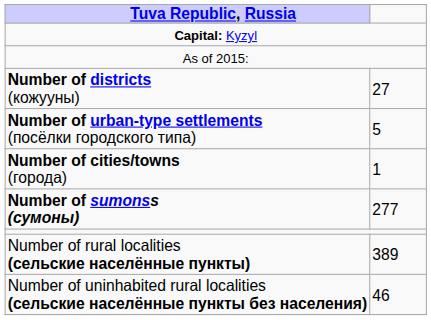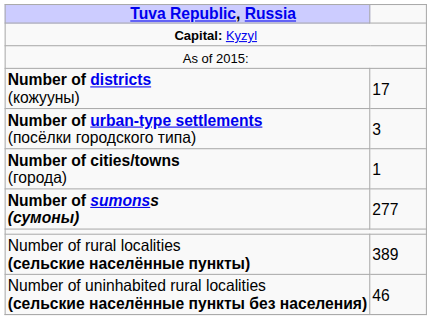 <table border=1 align="right" cellpadding=2 cellspacing=0 style="margin: 0 0 1em 1em; background: #f9f9f9; border: 1px #aaa solid; border-collapse: collapse; font-size: 95%;">
 <tr>
 <th bgcolor="#ccccff" style="padding:0 0 0 50px;"><a href='#'>Tuva Republic</a>, <a href='#'>Russia</a></th>
 <td width="50px"></td>
 </tr>
 <tr>
 <td colspan=2 align="center"><small><strong>Capital:</strong> <a href='#'>Kyzyl</a></small></td>
 </tr>
 <tr>
 <td colspan=2 align="center"><small>As of 2015:</small></td>
 </tr>
 <tr>
 <td><strong>Number of <a href='#'>districts</a></strong><br>(кожууны)</td>
-<td>27</td>
+<td>17</td>
 </tr>
 <tr>
 <td><strong>Number of <a href='#'>urban-type settlements</a></strong><br>(посёлки городского типа)</td>
-<td>5</td>
+<td>3</td>
 </tr>
 <tr>
 <td><strong>Number of cities/towns</strong><br>(города)</td>
 <td>1</td>
 </tr>
 <tr>
 <td><strong>Number of <em><a href='#'>sumons</a>s<strong><em><br>(сумоны)</td>
 <td>277</td>
 </tr>
 <tr>
 <td colspan=2 align="center"></td>
 </tr>
 <tr>
 <td></strong>Number of rural localities<strong><br>(сельские населённые пункты)</td>
 <td>389</td>
 </tr>
 <tr>
 <td></strong>Number of uninhabited rural localities<strong><br>(сельские населённые пункты без населения)</td>
 <td>46</td>
 </tr>
 <tr>
 </tr>
 </table>
